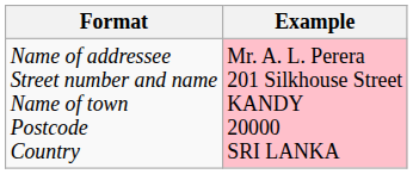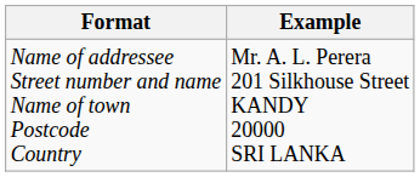 <table class="wikitable">
 <tr>
 <th>Format</th>
 <th>Example</th>
 </tr>
 <tr>
 <td><em>Name of addressee</em> <br> <em>Street number and name</em> <br> <em>Name of town</em> <br> <em>Postcode</em> <br> <em>Country</em></td>
-<td style="background: pink;">Mr. A. L. Perera <br> 201 Silkhouse Street <br> KANDY <br> 20000 <br> SRI LANKA</td>
+<td>Mr. A. L. Perera <br> 201 Silkhouse Street <br> KANDY <br> 20000 <br> SRI LANKA</td>
 </tr>
 </table>
